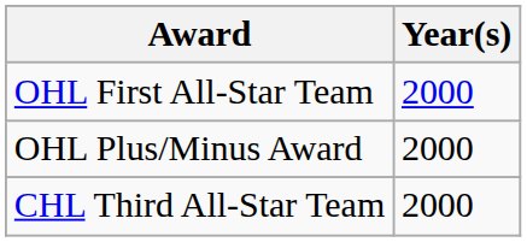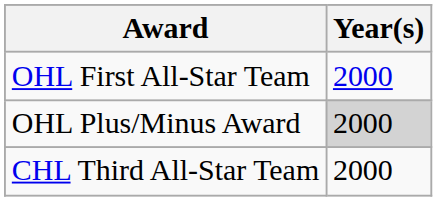 <table class="wikitable">
 <tr>
 <th>Award</th>
 <th>Year(s)</th>
 </tr>
 <tr>
 <td><a href='#'>OHL</a> First All-Star Team</td>
 <td><a href='#'>2000</a></td>
 </tr>
 <tr>
 <td>OHL Plus/Minus Award</td>
-<td>2000</td>
+<td style="background: lightgrey;">2000</td>
 </tr>
 <tr>
 <td><a href='#'>CHL</a> Third All-Star Team</td>
 <td>2000</td>
 </tr>
 </table>
